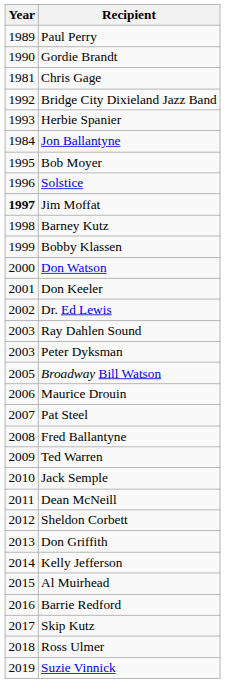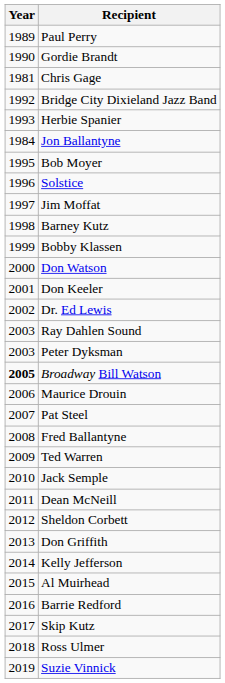 <table class="wikitable" style="margin:1em auto;">
 <tr>
 <th>Year</th>
 <th>Recipient</th>
 </tr>
 <tr>
 <td>1989</td>
 <td>Paul Perry</td>
 </tr>
 <tr>
 <td>1990</td>
 <td>Gordie Brandt</td>
 </tr>
 <tr>
 <td>1981</td>
 <td>Chris Gage</td>
 </tr>
 <tr>
 <td>1992</td>
 <td>Bridge City Dixieland Jazz Band</td>
 </tr>
 <tr>
 <td>1993</td>
 <td>Herbie Spanier</td>
 </tr>
 <tr>
 <td>1984</td>
 <td><a href='#'>Jon Ballantyne</a></td>
 </tr>
 <tr>
 <td>1995</td>
 <td>Bob Moyer</td>
 </tr>
 <tr>
 <td>1996</td>
 <td><a href='#'>Solstice</a></td>
 </tr>
 <tr>
-<td><strong>1997</strong></td>
+<td>1997</td>
 <td>Jim Moffat</td>
 </tr>
 <tr>
 <td>1998</td>
 <td>Barney Kutz</td>
 </tr>
 <tr>
 <td>1999</td>
 <td>Bobby Klassen</td>
 </tr>
 <tr>
 <td>2000</td>
 <td><a href='#'>Don Watson</a></td>
 </tr>
 <tr>
 <td>2001</td>
 <td>Don Keeler</td>
 </tr>
 <tr>
 <td>2002</td>
 <td>Dr. <a href='#'>Ed Lewis</a></td>
 </tr>
 <tr>
 <td>2003</td>
 <td>Ray Dahlen Sound</td>
 </tr>
 <tr>
 <td>2003</td>
 <td>Peter Dyksman</td>
 </tr>
 <tr>
-<td>2005</td>
+<td><strong>2005</strong></td>
 <td><em>Broadway</em> <a href='#'>Bill Watson</a></td>
 </tr>
 <tr>
 <td>2006</td>
 <td>Maurice Drouin</td>
 </tr>
 <tr>
 <td>2007</td>
 <td>Pat Steel</td>
 </tr>
 <tr>
 <td>2008</td>
 <td>Fred Ballantyne</td>
 </tr>
 <tr>
 <td>2009</td>
 <td>Ted Warren</td>
 </tr>
 <tr>
 <td>2010</td>
 <td>Jack Semple</td>
 </tr>
 <tr>
 <td>2011</td>
 <td>Dean McNeill</td>
 </tr>
 <tr>
 <td>2012</td>
 <td>Sheldon Corbett</td>
 </tr>
 <tr>
 <td>2013</td>
 <td>Don Griffith</td>
 </tr>
 <tr>
 <td>2014</td>
 <td>Kelly Jefferson</td>
 </tr>
 <tr>
 <td>2015</td>
 <td>Al Muirhead</td>
 </tr>
 <tr>
 <td>2016</td>
 <td>Barrie Redford</td>
 </tr>
 <tr>
 <td>2017</td>
 <td>Skip Kutz</td>
 </tr>
 <tr>
 <td>2018</td>
 <td>Ross Ulmer</td>
 </tr>
 <tr>
 <td>2019</td>
 <td><a href='#'>Suzie Vinnick</a></td>
 </tr>
 </table>
